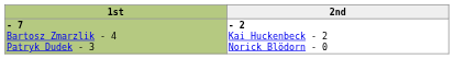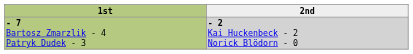 <table border="1" cellpadding="2" cellspacing="0"  style="width:50%; border-collapse:collapse;">
 <tr style="text-align:left; background:#efefef;">
 <th width=15% align=center style="background-color: #b5c981;">1st</th>
 <th width=15% align=center>2nd</th>
 </tr>
 <tr align=left>
 <td valign=top align=left style="background-color: #b5c981;"><strong> - 7</strong><br><a href='#'>Bartosz Zmarzlik</a> - 4<br><a href='#'>Patryk Dudek</a> - 3</td>
-<td valign=top align=left><strong> - 2</strong><br><a href='#'>Kai Huckenbeck</a> - 2<br><a href='#'>Norick Blödorn</a> - 0</td>
+<td valign=top align=left style="background: lightgrey;"><strong> - 2</strong><br><a href='#'>Kai Huckenbeck</a> - 2<br><a href='#'>Norick Blödorn</a> - 0</td>
 </tr>
 </table>
